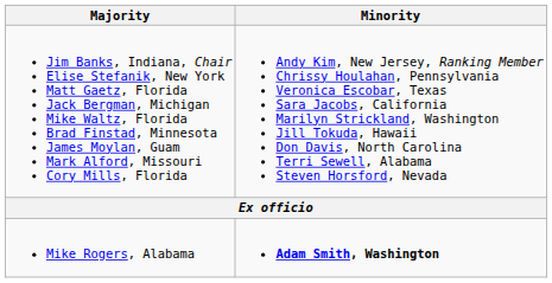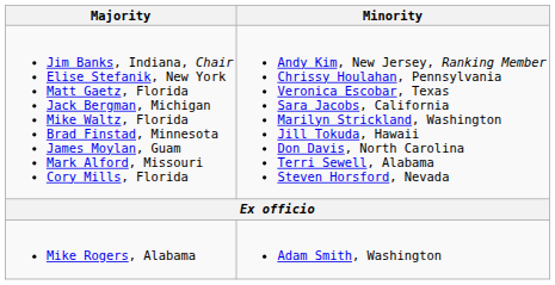 <table class=wikitable>
 <tr>
 <th>Majority</th>
 <th>Minority</th>
 </tr>
 <tr>
 <td><br><ul><li><a href='#'>Jim Banks</a>, Indiana, <em>Chair</em></li><li><a href='#'>Elise Stefanik</a>, New York</li><li><a href='#'>Matt Gaetz</a>, Florida</li><li><a href='#'>Jack Bergman</a>, Michigan</li><li><a href='#'>Mike Waltz</a>, Florida</li><li><a href='#'>Brad Finstad</a>, Minnesota</li><li><a href='#'>James Moylan</a>, Guam</li><li><a href='#'>Mark Alford</a>, Missouri</li><li><a href='#'>Cory Mills</a>, Florida</li></ul></td>
 <td><br><ul><li><a href='#'>Andy Kim</a>, New Jersey, <em>Ranking Member</em></li><li><a href='#'>Chrissy Houlahan</a>, Pennsylvania</li><li><a href='#'>Veronica Escobar</a>, Texas</li><li><a href='#'>Sara Jacobs</a>, California</li><li><a href='#'>Marilyn Strickland</a>, Washington</li><li><a href='#'>Jill Tokuda</a>, Hawaii</li><li><a href='#'>Don Davis</a>, North Carolina</li><li><a href='#'>Terri Sewell</a>, Alabama</li><li><a href='#'>Steven Horsford</a>, Nevada</li></ul></td>
 </tr>
 <tr>
 <th colspan=2><em>Ex officio</em></th>
 </tr>
 <tr>
 <td><br><ul><li><a href='#'>Mike Rogers</a>, Alabama</li></ul></td>
-<td><strong><br><ul><li><a href='#'>Adam Smith</a>, Washington</li></ul></strong></td>
+<td><br><ul><li><a href='#'>Adam Smith</a>, Washington</li></ul></td>
 </tr>
 </table>
